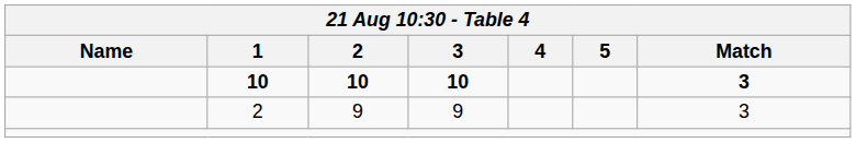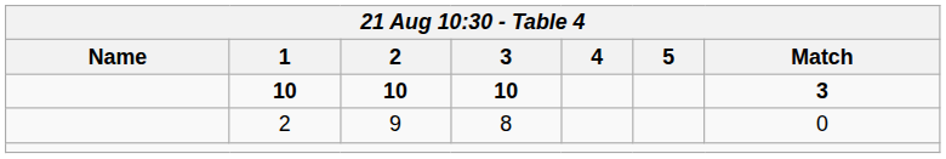 <table class=wikitable style="text-align:center; width: 55%">
 <tr>
 <th colspan=17><em>21 Aug 10:30 - Table 4</em></th>
 </tr>
 <tr>
 <th>Name</th>
 <th>1</th>
 <th>2</th>
 <th>3</th>
 <th>4</th>
 <th>5</th>
 <th>Match</th>
 </tr>
 <tr>
 <td style="text-align:left;"><strong></strong></td>
 <td><strong>10</strong></td>
 <td><strong>10</strong></td>
 <td><strong>10</strong></td>
 <td></td>
 <td></td>
 <td><strong>3</strong></td>
 </tr>
 <tr>
 <td style="text-align:left;"></td>
 <td>2</td>
 <td>9</td>
-<td>9</td>
+<td>8</td>
 <td></td>
 <td></td>
-<td>3</td>
+<td>0</td>
 </tr>
 <tr>
 <td colspan=17></td>
 </tr>
 </table>
